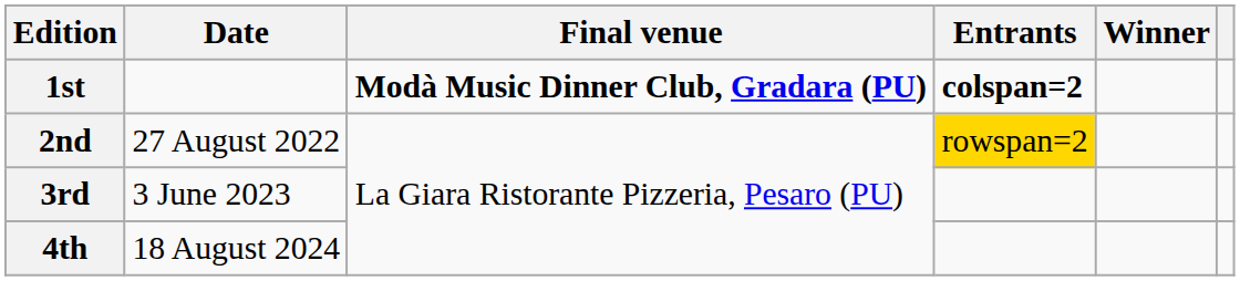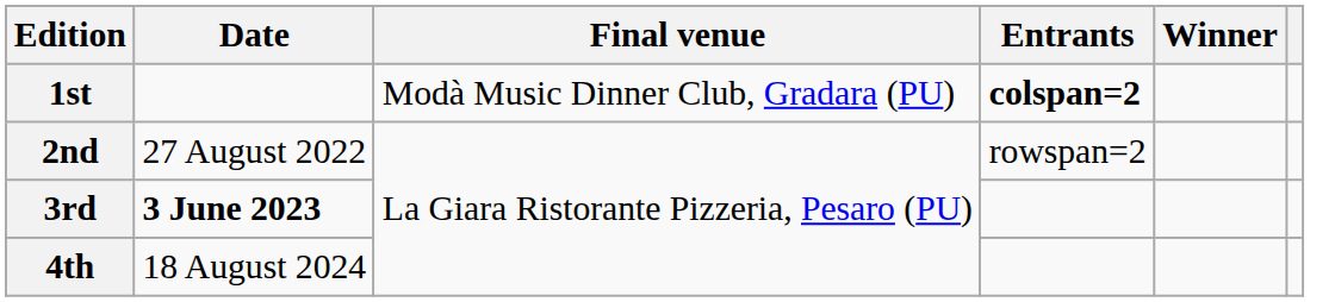 <table class="wikitable defaultcenter col2left col3left col5left" style="font-size:95%;">
 <tr>
 <th>Edition</th>
 <th>Date</th>
 <th>Final venue</th>
 <th>Entrants</th>
 <th>Winner</th>
 <th></th>
 </tr>
 <tr>
 <th>1st</th>
 <td></td>
-<td><strong>Modà Music Dinner Club, <a href='#'>Gradara</a> (<a href='#'>PU</a>)</strong></td>
+<td>Modà Music Dinner Club, <a href='#'>Gradara</a> (<a href='#'>PU</a>)</td>
 <td><strong>colspan=2 </strong></td>
 <td></td>
 </tr>
 <tr>
 <th>2nd</th>
 <td>27 August 2022</td>
 <td rowspan=3>La Giara Ristorante Pizzeria, <a href='#'>Pesaro</a> (<a href='#'>PU</a>)</td>
-<td style="background: gold;">rowspan=2 </td>
+<td>rowspan=2 </td>
 <td></td>
 <td></td>
 </tr>
 <tr>
 <th>3rd</th>
-<td>3 June 2023</td>
+<td><strong>3 June 2023</strong></td>
 <td></td>
 <td></td>
 </tr>
 <tr>
 <th>4th</th>
 <td>18 August 2024</td>
 <td></td>
 <td></td>
 <td></td>
 </tr>
 </table>
